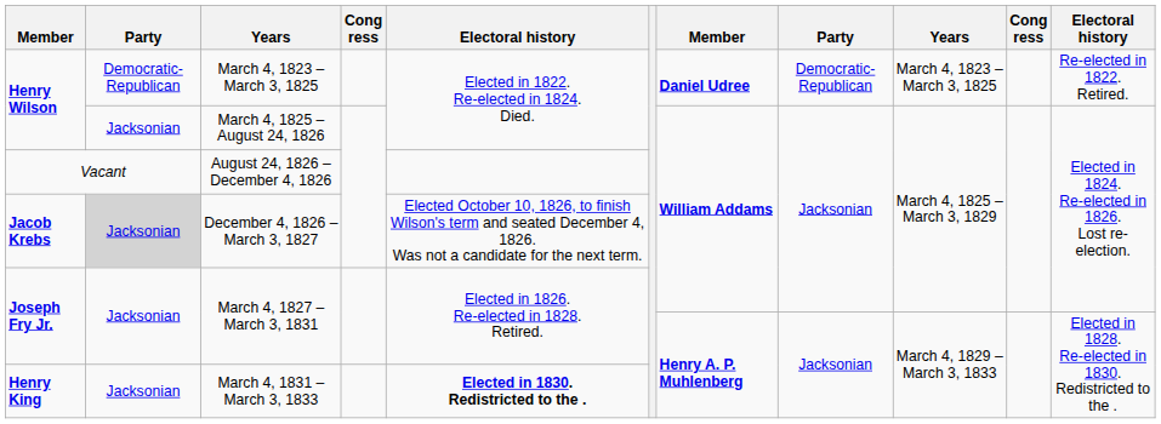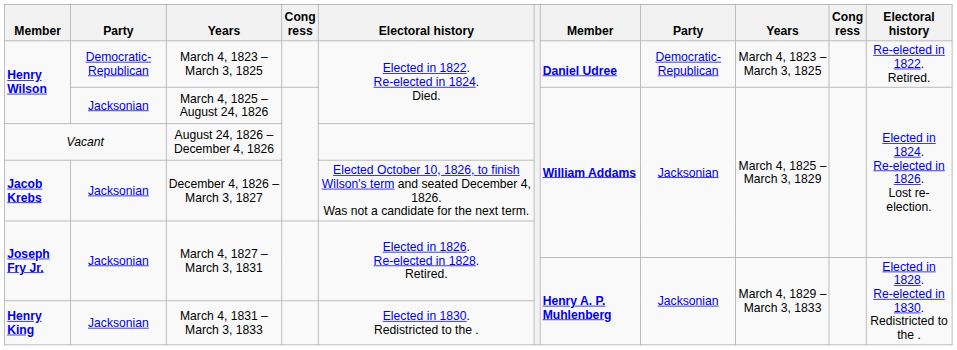 <table class=wikitable style="text-align:center">
 <tr style="height:3em" valign=bottom>
 <th>Member</th>
 <th>Party</th>
 <th>Years</th>
 <th>Cong<br>ress</th>
 <th>Electoral history</th>
 <th rowspan=99></th>
 <th>Member</th>
 <th>Party</th>
 <th>Years</th>
 <th>Cong<br>ress</th>
 <th>Electoral history</th>
 </tr>
 <tr style="height:3em">
 <td rowspan=2 align=left><strong><a href='#'>Henry Wilson</a></strong><br></td>
 <td><a href='#'>Democratic-Republican</a></td>
 <td nowrap>March 4, 1823 –<br>March 3, 1825</td>
 <td></td>
 <td rowspan=2><a href='#'>Elected in 1822</a>.<br><a href='#'>Re-elected in 1824</a>.<br>Died.</td>
 <td align=left><br><strong><a href='#'>Daniel Udree</a></strong><br></td>
 <td><a href='#'>Democratic-Republican</a></td>
 <td nowrap>March 4, 1823 –<br>March 3, 1825</td>
 <td></td>
 <td><a href='#'>Re-elected in 1822</a>.<br>Retired.</td>
 </tr>
 <tr style="height:3em">
 <td><a href='#'>Jacksonian</a></td>
 <td nowrap>March 4, 1825 –<br>August 24, 1826</td>
 <td rowspan=3></td>
 <td rowspan=4 align=left><strong><a href='#'>William Addams</a></strong><br></td>
 <td rowspan=4 ><a href='#'>Jacksonian</a></td>
 <td rowspan=4 nowrap>March 4, 1825 –<br>March 3, 1829</td>
 <td rowspan=4></td>
 <td rowspan=4><a href='#'>Elected in 1824</a>.<br><a href='#'>Re-elected in 1826</a>.<br>Lost re-election.</td>
 </tr>
 <tr style="height:3em">
 <td colspan=2><em>Vacant</em></td>
 <td nowrap>August 24, 1826 –<br>December 4, 1826</td>
 <td></td>
 </tr>
 <tr style="height:3em">
 <td align=left><strong><a href='#'>Jacob Krebs</a></strong><br></td>
-<td style="background: lightgrey;"><a href='#'>Jacksonian</a></td>
+<td><a href='#'>Jacksonian</a></td>
 <td nowrap>December 4, 1826 –<br>March 3, 1827</td>
 <td><a href='#'>Elected October 10, 1826, to finish Wilson's term</a> and seated December 4, 1826.<br>Was not a candidate for the next term.</td>
 </tr>
 <tr style="height:3em">
 <td rowspan=2 align=left><strong><a href='#'>Joseph Fry Jr.</a></strong><br></td>
 <td rowspan=2 ><a href='#'>Jacksonian</a></td>
 <td rowspan=2 nowrap>March 4, 1827 –<br>March 3, 1831</td>
 <td rowspan=2></td>
 <td rowspan=2><a href='#'>Elected in 1826</a>.<br><a href='#'>Re-elected in 1828</a>.<br>Retired.</td>
 </tr>
 <tr style="height:3em">
 <td rowspan=2 align=left><br><strong><a href='#'>Henry A. P. Muhlenberg</a></strong><br></td>
 <td rowspan=2 ><a href='#'>Jacksonian</a></td>
 <td rowspan=2 nowrap>March 4, 1829 –<br>March 3, 1833</td>
 <td rowspan=2></td>
 <td rowspan=2><a href='#'>Elected in 1828</a>.<br><a href='#'>Re-elected in 1830</a>.<br>Redistricted to the .</td>
 </tr>
 <tr style="height:3em">
 <td align=left><strong><a href='#'>Henry King</a></strong><br></td>
 <td><a href='#'>Jacksonian</a></td>
 <td nowrap>March 4, 1831 –<br>March 3, 1833</td>
 <td></td>
-<td><strong><a href='#'>Elected in 1830</a>.<br>Redistricted to the .</strong></td>
+<td><a href='#'>Elected in 1830</a>.<br>Redistricted to the .</td>
 </tr>
 </table>
